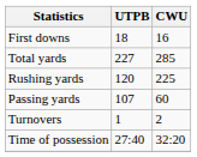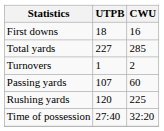 <table class="wikitable" style="float: left;">
 <tr>
 <th>Statistics</th>
 <th>UTPB</th>
 <th>CWU</th>
 </tr>
 <tr>
 <td>First downs</td>
 <td>18</td>
 <td>16</td>
 </tr>
 <tr>
 <td>Total yards</td>
 <td>227</td>
 <td>285</td>
 </tr>
 <tr>
-<td>Rushing yards</td>
-<td>120</td>
-<td>225</td>
+<td>Turnovers</td>
+<td>1</td>
+<td>2</td>
 </tr>
 <tr>
 <td>Passing yards</td>
 <td>107</td>
 <td>60</td>
 </tr>
 <tr>
-<td>Turnovers</td>
-<td>1</td>
-<td>2</td>
+<td>Rushing yards</td>
+<td>120</td>
+<td>225</td>
 </tr>
 <tr>
 <td>Time of possession</td>
 <td>27:40</td>
 <td>32:20</td>
 </tr>
 <tr>
 </tr>
 </table>
